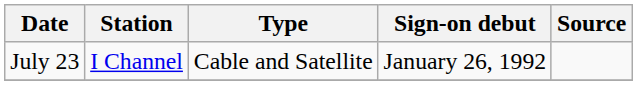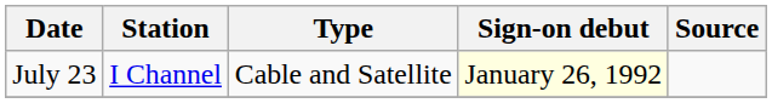 <table class="wikitable">
 <tr>
 <th>Date</th>
 <th>Station</th>
 <th>Type</th>
 <th>Sign-on debut</th>
 <th>Source</th>
 </tr>
 <tr>
 <td>July 23</td>
 <td><a href='#'>I Channel</a></td>
 <td>Cable and Satellite</td>
-<td>January 26, 1992</td>
+<td style="background: lightyellow;">January 26, 1992</td>
 <td></td>
 </tr>
 <tr>
 </tr>
 </table>
